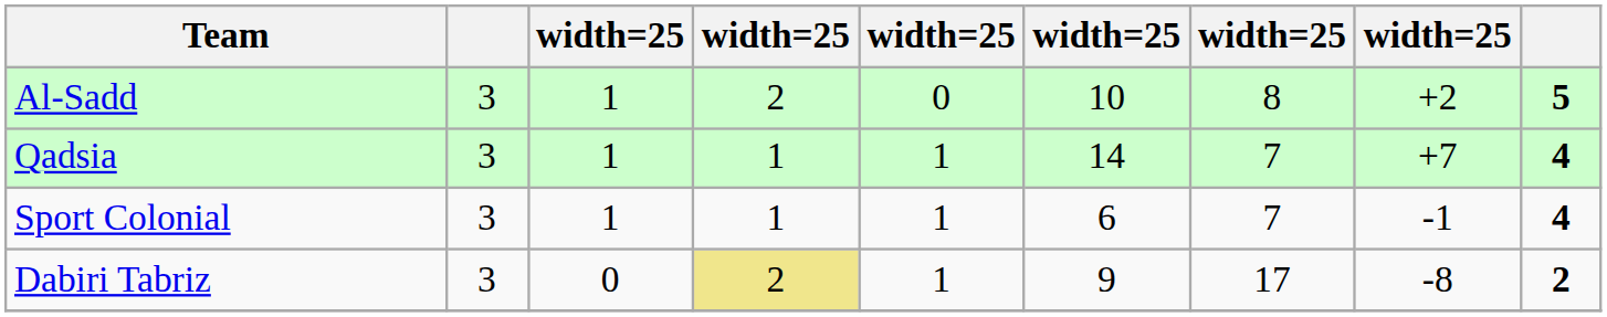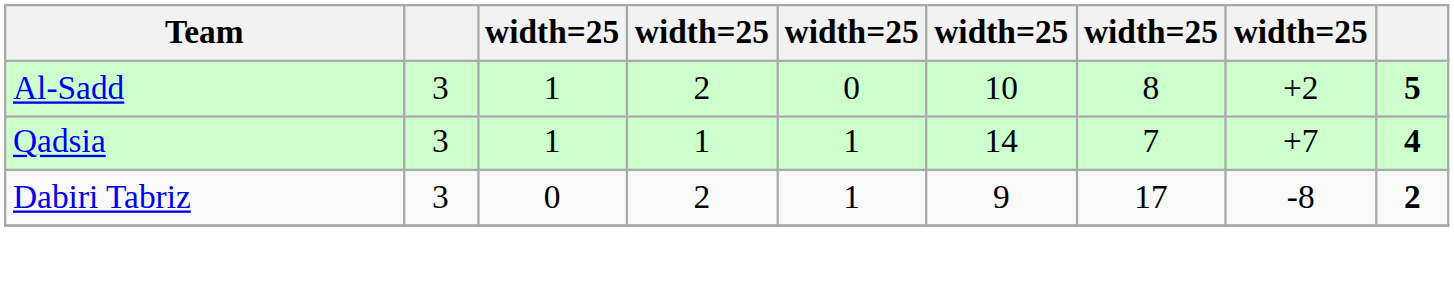 <table class="wikitable" style="text-align: center; font-size: 90%;">
 <tr>
 <th width="165">Team</th>
 <th width=25></th>
 <th>width=25</th>
 <th>width=25</th>
 <th>width=25</th>
 <th>width=25</th>
 <th>width=25</th>
 <th>width=25</th>
 <th width=25></th>
 </tr>
 <tr style="background:#cfc;">
 <td style="text-align:left;"> <a href='#'>Al-Sadd</a></td>
 <td>3</td>
 <td>1</td>
 <td>2</td>
 <td>0</td>
 <td>10</td>
 <td>8</td>
 <td>+2</td>
 <td><strong>5</strong></td>
 </tr>
 <tr style="background:#cfc;">
 <td style="text-align:left;"> <a href='#'>Qadsia</a></td>
 <td>3</td>
 <td>1</td>
 <td>1</td>
 <td>1</td>
 <td>14</td>
 <td>7</td>
 <td>+7</td>
 <td><strong>4</strong></td>
 </tr>
 <tr>
-<td style="text-align:left;"> <a href='#'>Sport Colonial</a></td>
-<td>3</td>
-<td>1</td>
-<td>1</td>
-<td>1</td>
-<td>6</td>
-<td>7</td>
-<td>-1</td>
-<td><strong>4</strong></td>
-</tr>
-<tr>
 <td style="text-align:left;"> <a href='#'>Dabiri Tabriz</a></td>
 <td>3</td>
 <td>0</td>
-<td style="background: khaki;">2</td>
+<td>2</td>
 <td>1</td>
 <td>9</td>
 <td>17</td>
 <td>-8</td>
 <td><strong>2</strong></td>
 </tr>
 <tr>
 </tr>
 </table>
